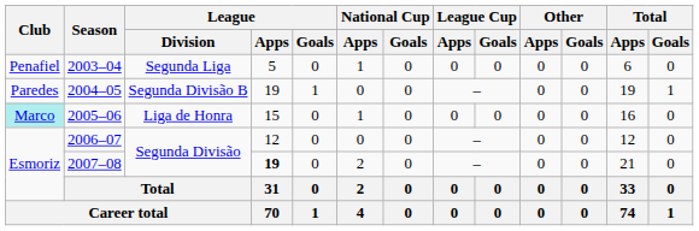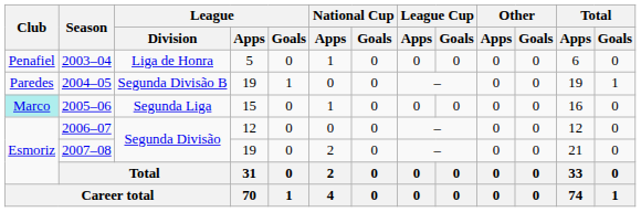 <table class="wikitable" style="text-align: center">
 <tr>
 <th rowspan="2">Club</th>
 <th rowspan="2">Season</th>
 <th colspan="3">League</th>
 <th colspan="2">National Cup</th>
 <th colspan="2">League Cup</th>
 <th colspan="2">Other</th>
 <th colspan="2">Total</th>
 </tr>
 <tr>
 <th>Division</th>
 <th>Apps</th>
 <th>Goals</th>
 <th>Apps</th>
 <th>Goals</th>
 <th>Apps</th>
 <th>Goals</th>
 <th>Apps</th>
 <th>Goals</th>
 <th>Apps</th>
 <th>Goals</th>
 </tr>
 <tr>
 <td><a href='#'>Penafiel</a></td>
 <td><a href='#'>2003–04</a></td>
-<td><a href='#'>Segunda Liga</a></td>
+<td><a href='#'>Liga de Honra</a></td>
 <td>5</td>
 <td>0</td>
 <td>1</td>
 <td>0</td>
 <td>0</td>
 <td>0</td>
 <td>0</td>
 <td>0</td>
 <td>6</td>
 <td>0</td>
 </tr>
 <tr>
 <td><a href='#'>Paredes</a></td>
 <td><a href='#'>2004–05</a></td>
 <td><a href='#'>Segunda Divisão B</a></td>
 <td>19</td>
 <td>1</td>
 <td>0</td>
 <td>0</td>
 <td colspan="2">–</td>
 <td>0</td>
 <td>0</td>
 <td>19</td>
 <td>1</td>
 </tr>
 <tr>
 <td style="background: paleturquoise;"><a href='#'>Marco</a></td>
 <td><a href='#'>2005–06</a></td>
-<td><a href='#'>Liga de Honra</a></td>
+<td><a href='#'>Segunda Liga</a></td>
 <td>15</td>
 <td>0</td>
 <td>1</td>
 <td>0</td>
 <td>0</td>
 <td>0</td>
 <td>0</td>
 <td>0</td>
 <td>16</td>
 <td>0</td>
 </tr>
 <tr>
 <td rowspan="3"><a href='#'>Esmoriz</a></td>
 <td><a href='#'>2006–07</a></td>
 <td rowspan="2"><a href='#'>Segunda Divisão</a></td>
 <td>12</td>
 <td>0</td>
 <td>0</td>
 <td>0</td>
 <td colspan="2">–</td>
 <td>0</td>
 <td>0</td>
 <td>12</td>
 <td>0</td>
 </tr>
 <tr>
 <td><a href='#'>2007–08</a></td>
-<td><strong>19</strong></td>
+<td>19</td>
 <td>0</td>
 <td>2</td>
 <td>0</td>
 <td colspan="2">–</td>
 <td>0</td>
 <td>0</td>
 <td>21</td>
 <td>0</td>
 </tr>
 <tr>
 <th colspan="2"><strong>Total</strong></th>
 <th>31</th>
 <th>0</th>
 <th>2</th>
 <th>0</th>
 <th>0</th>
 <th>0</th>
 <th>0</th>
 <th>0</th>
 <th>33</th>
 <th>0</th>
 </tr>
 <tr>
 <th colspan="3"><strong>Career total</strong></th>
 <th>70</th>
 <th>1</th>
 <th>4</th>
 <th>0</th>
 <th>0</th>
 <th>0</th>
 <th>0</th>
 <th>0</th>
 <th>74</th>
 <th>1</th>
 </tr>
 </table>
